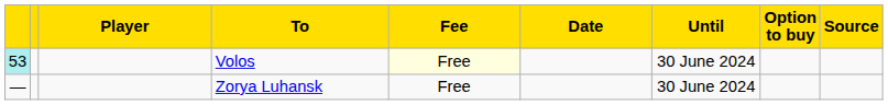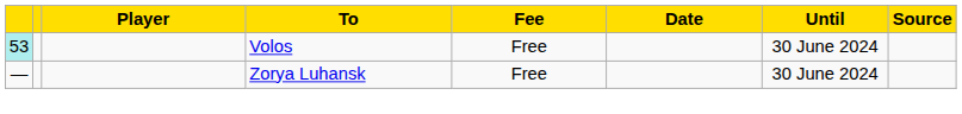 <table class="wikitable sortable">
 <tr>
 <th style="background:#FFDE00"></th>
 <th style="background:#FFDE00"></th>
 <th width=200 style="background:#FFDE00">Player</th>
 <th width=200 style="background:#FFDE00">To</th>
 <th width=150 style="background:#FFDE00">Fee</th>
 <th width=150 style="background:#FFDE00">Date</th>
 <th width=120 style="background:#FFDE00">Until</th>
-<th style="background:#FFDE00">Option to buy</th>
 <th style="background:#FFDE00">Source</th>
 </tr>
 <tr>
 <td align=center style="background: paleturquoise;">53</td>
 <td align=center></td>
 <td></td>
 <td> <a href='#'>Volos</a></td>
-<td align=center style="background: lightyellow;">Free</td>
+<td align=center>Free</td>
 <td align=center></td>
 <td align=center>30 June 2024</td>
-<td align=center></td>
 <td align=center></td>
 </tr>
 <tr>
 <td align=center>—</td>
 <td align=center></td>
 <td></td>
 <td> <a href='#'>Zorya Luhansk</a></td>
 <td align=center>Free</td>
 <td align=center></td>
 <td align=center>30 June 2024</td>
 <td align=center></td>
-<td align=center></td>
 </tr>
 </table>
